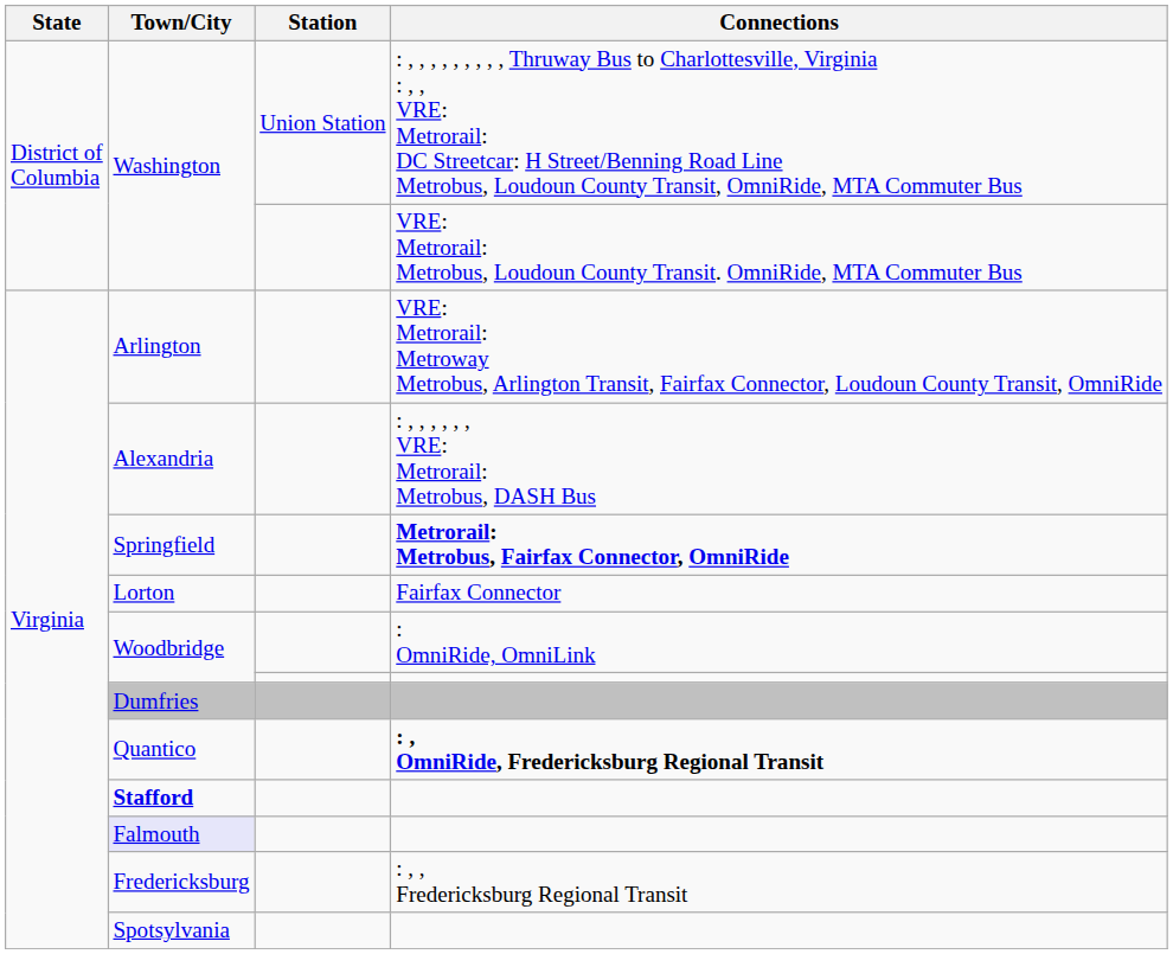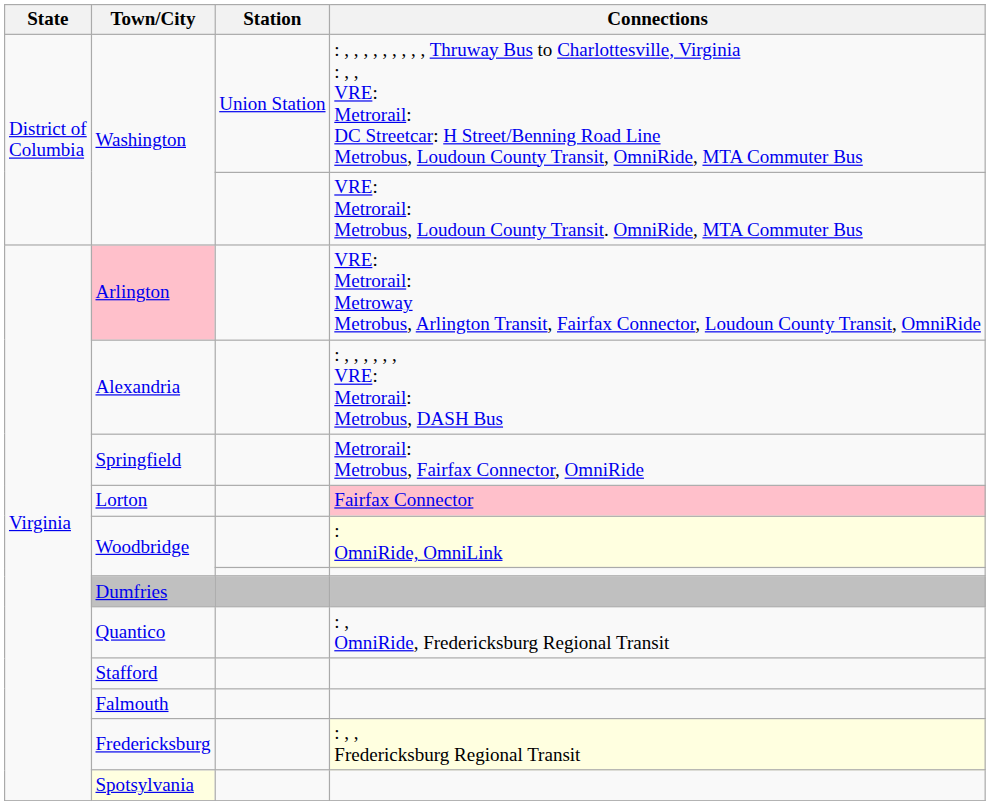 <table class="wikitable sortable">
 <tr>
 <th>State</th>
 <th>Town/City</th>
 <th>Station</th>
 <th>Connections</th>
 </tr>
 <tr>
 <td rowspan=2><a href='#'>District of<br>Columbia</a></td>
 <td rowspan=2><a href='#'>Washington</a></td>
 <td><a href='#'>Union Station</a></td>
 <td>: , , , , , , , , , <a href='#'>Thruway Bus</a> to <a href='#'>Charlottesville, Virginia</a><br>: , , <br> <a href='#'>VRE</a>: <br> <a href='#'>Metrorail</a>: <br> <a href='#'>DC Streetcar</a>: <a href='#'>H Street/Benning Road Line</a><br> <a href='#'>Metrobus</a>, <a href='#'>Loudoun County Transit</a>, <a href='#'>OmniRide</a>, <a href='#'>MTA Commuter Bus</a></td>
 </tr>
 <tr>
 <td></td>
 <td> <a href='#'>VRE</a>: <br> <a href='#'>Metrorail</a>:     <br> <a href='#'>Metrobus</a>, <a href='#'>Loudoun County Transit</a>. <a href='#'>OmniRide</a>, <a href='#'>MTA Commuter Bus</a></td>
 </tr>
 <tr>
 <td rowspan=12><a href='#'>Virginia</a></td>
-<td><a href='#'>Arlington</a></td>
+<td style="background: pink;"><a href='#'>Arlington</a></td>
 <td></td>
 <td> <a href='#'>VRE</a>: <br> <a href='#'>Metrorail</a>:  <br> <a href='#'>Metroway</a><br> <a href='#'>Metrobus</a>, <a href='#'>Arlington Transit</a>, <a href='#'>Fairfax Connector</a>, <a href='#'>Loudoun County Transit</a>, <a href='#'>OmniRide</a></td>
 </tr>
 <tr>
 <td><a href='#'>Alexandria</a></td>
 <td></td>
 <td>: , , , , , , <br> <a href='#'>VRE</a>: <br> <a href='#'>Metrorail</a>:  <br> <a href='#'>Metrobus</a>, <a href='#'>DASH Bus</a></td>
 </tr>
 <tr>
 <td><a href='#'>Springfield</a></td>
 <td></td>
-<td><strong> <a href='#'>Metrorail</a>: <br> <a href='#'>Metrobus</a>, <a href='#'>Fairfax Connector</a>, <a href='#'>OmniRide</a></strong></td>
+<td> <a href='#'>Metrorail</a>: <br> <a href='#'>Metrobus</a>, <a href='#'>Fairfax Connector</a>, <a href='#'>OmniRide</a></td>
 </tr>
 <tr>
 <td><a href='#'>Lorton</a></td>
 <td></td>
-<td> <a href='#'>Fairfax Connector</a></td>
+<td style="background: pink;"> <a href='#'>Fairfax Connector</a></td>
 </tr>
 <tr>
 <td rowspan=2><a href='#'>Woodbridge</a></td>
 <td></td>
-<td>: <br> <a href='#'>OmniRide, OmniLink</a></td>
+<td style="background: lightyellow;">: <br> <a href='#'>OmniRide, OmniLink</a></td>
 </tr>
 <tr>
 <td></td>
 <td></td>
 </tr>
 <tr style="background:silver;">
 <td><a href='#'>Dumfries</a></td>
 <td></td>
 <td></td>
 </tr>
 <tr>
 <td><a href='#'>Quantico</a></td>
 <td></td>
-<td><strong>: , <br> <a href='#'>OmniRide</a>, Fredericksburg Regional Transit</strong></td>
+<td>: , <br> <a href='#'>OmniRide</a>, Fredericksburg Regional Transit</td>
 </tr>
 <tr>
-<td><strong><a href='#'>Stafford</a></strong></td>
+<td><a href='#'>Stafford</a></td>
 <td></td>
 <td></td>
 </tr>
 <tr>
-<td style="background: lavender;"><a href='#'>Falmouth</a></td>
+<td><a href='#'>Falmouth</a></td>
 <td></td>
 <td></td>
 </tr>
 <tr>
 <td><a href='#'>Fredericksburg</a></td>
 <td></td>
-<td>: , , <br> Fredericksburg Regional Transit</td>
+<td style="background: lightyellow;">: , , <br> Fredericksburg Regional Transit</td>
 </tr>
 <tr>
-<td><a href='#'>Spotsylvania</a></td>
+<td style="background: lightyellow;"><a href='#'>Spotsylvania</a></td>
 <td></td>
 <td></td>
 </tr>
 </table>
